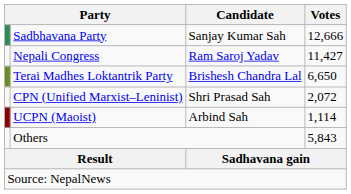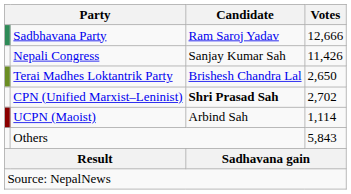 <table class="wikitable">
 <tr>
 <th colspan="2">Party</th>
 <th>Candidate</th>
 <th>Votes</th>
 </tr>
 <tr>
 <td style="background-color:seagreen"></td>
 <td><a href='#'>Sadbhavana Party</a></td>
-<td>Sanjay Kumar Sah</td>
+<td><a href='#'>Ram Saroj Yadav</a></td>
 <td>12,666</td>
 </tr>
 <tr>
 <td style="background-color:"></td>
 <td><a href='#'>Nepali Congress</a></td>
-<td><a href='#'>Ram Saroj Yadav</a></td>
-<td>11,427</td>
+<td>Sanjay Kumar Sah</td>
+<td>11,426</td>
 </tr>
 <tr>
 <td style="background-color:olivedrab"></td>
 <td><a href='#'>Terai Madhes Loktantrik Party</a></td>
 <td><a href='#'>Brishesh Chandra Lal</a></td>
-<td>6,650</td>
+<td>2,650</td>
 </tr>
 <tr>
 <td style="background-color:"></td>
 <td><a href='#'>CPN (Unified Marxist–Leninist)</a></td>
-<td>Shri Prasad Sah</td>
-<td>2,072</td>
+<td><strong>Shri Prasad Sah</strong></td>
+<td>2,702</td>
 </tr>
 <tr>
 <td style="background-color:darkred"></td>
 <td><a href='#'>UCPN (Maoist)</a></td>
 <td>Arbind Sah</td>
 <td>1,114</td>
 </tr>
 <tr>
 <td></td>
 <td colspan="2">Others</td>
 <td>5,843</td>
 </tr>
 <tr>
 <th colspan="2">Result</th>
 <th colspan="2">Sadhavana gain</th>
 </tr>
 <tr>
 <td colspan="4">Source: NepalNews</td>
 </tr>
 </table>
